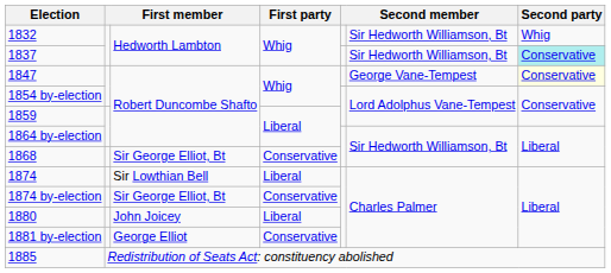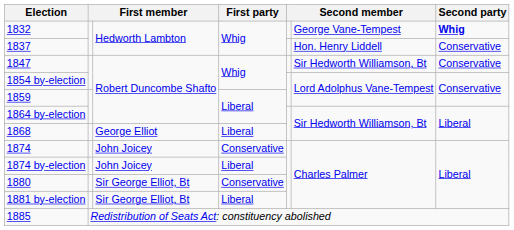 <table class="wikitable">
 <tr>
 <th>Election</th>
 <th colspan="2">First member</th>
 <th>First party</th>
 <th colspan="2">Second member</th>
 <th>Second party</th>
 </tr>
 <tr>
 <td><a href='#'>1832</a></td>
 <td rowspan="2" style="color:inherit;background-color: "></td>
 <td rowspan="2"><a href='#'>Hedworth Lambton</a></td>
 <td rowspan="2"><a href='#'>Whig</a></td>
 <td style="color:inherit;background-color: "></td>
-<td><a href='#'>Sir Hedworth Williamson, Bt</a></td>
-<td><a href='#'>Whig</a></td>
+<td><a href='#'>George Vane-Tempest</a></td>
+<td><strong><a href='#'>Whig</a></strong></td>
 </tr>
 <tr>
 <td><a href='#'>1837</a></td>
 <td style="color:inherit;background-color: "></td>
-<td><a href='#'>Sir Hedworth Williamson, Bt</a></td>
-<td style="background: paleturquoise;"><a href='#'>Conservative</a></td>
+<td><a href='#'>Hon. Henry Liddell</a></td>
+<td><a href='#'>Conservative</a></td>
 </tr>
 <tr>
 <td><a href='#'>1847</a></td>
 <td rowspan="2" style="color:inherit;background-color: "></td>
 <td rowspan="4"><a href='#'>Robert Duncombe Shafto</a></td>
 <td rowspan="2"><a href='#'>Whig</a></td>
 <td style="color:inherit;background-color: "></td>
-<td><a href='#'>George Vane-Tempest</a></td>
-<td style="background: lightyellow;"><a href='#'>Conservative</a></td>
+<td><a href='#'>Sir Hedworth Williamson, Bt</a></td>
+<td><a href='#'>Conservative</a></td>
 </tr>
 <tr>
 <td><a href='#'>1854 by-election</a></td>
 <td rowspan="2" style="color:inherit;background-color: "></td>
 <td rowspan="2"><a href='#'>Lord Adolphus Vane-Tempest</a></td>
 <td rowspan="2"><a href='#'>Conservative</a></td>
 </tr>
 <tr>
 <td><a href='#'>1859</a></td>
 <td rowspan="2" style="color:inherit;background-color: "></td>
 <td rowspan="2"><a href='#'>Liberal</a></td>
 </tr>
 <tr>
 <td><a href='#'>1864 by-election</a></td>
 <td rowspan="2" style="color:inherit;background-color: "></td>
 <td rowspan="2"><a href='#'>Sir Hedworth Williamson, Bt</a></td>
 <td rowspan="2"><a href='#'>Liberal</a></td>
 </tr>
 <tr>
 <td><a href='#'>1868</a></td>
 <td style="color:inherit;background-color: "></td>
-<td><a href='#'>Sir George Elliot, Bt</a></td>
-<td><a href='#'>Conservative</a></td>
+<td><a href='#'>George Elliot</a></td>
+<td><a href='#'>Liberal</a></td>
 </tr>
 <tr>
 <td><a href='#'>1874</a></td>
 <td style="color:inherit;background-color: "></td>
-<td>Sir <a href='#'>Lowthian Bell</a></td>
-<td><a href='#'>Liberal</a></td>
+<td><a href='#'>John Joicey</a></td>
+<td><a href='#'>Conservative</a></td>
 <td rowspan="4" style="color:inherit;background-color: "></td>
 <td rowspan="4"><a href='#'>Charles Palmer</a></td>
 <td rowspan="4"><a href='#'>Liberal</a></td>
 </tr>
 <tr>
 <td><a href='#'>1874 by-election</a></td>
 <td style="color:inherit;background-color: "></td>
+<td><a href='#'>John Joicey</a></td>
+<td><a href='#'>Liberal</a></td>
+</tr>
+<tr>
+<td><a href='#'>1880</a></td>
+<td style="color:inherit;background-color: "></td>
 <td><a href='#'>Sir George Elliot, Bt</a></td>
 <td><a href='#'>Conservative</a></td>
 </tr>
 <tr>
-<td><a href='#'>1880</a></td>
-<td style="color:inherit;background-color: "></td>
-<td><a href='#'>John Joicey</a></td>
-<td><a href='#'>Liberal</a></td>
-</tr>
-<tr>
 <td><a href='#'>1881 by-election</a></td>
 <td style="color:inherit;background-color: "></td>
-<td><a href='#'>George Elliot</a></td>
-<td><a href='#'>Conservative</a></td>
+<td><a href='#'>Sir George Elliot, Bt</a></td>
+<td><a href='#'>Liberal</a></td>
 </tr>
 <tr>
 <td><a href='#'>1885</a></td>
 <td colspan="6"><em><a href='#'>Redistribution of Seats Act</a>: constituency abolished</em></td>
 </tr>
 </table>
